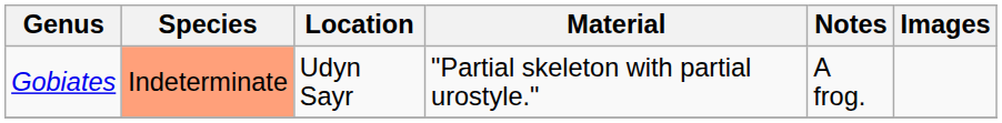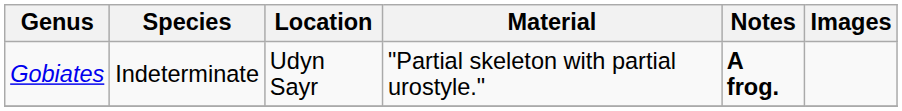 <table class="wikitable sortable">
 <tr>
 <th>Genus</th>
 <th>Species</th>
 <th>Location</th>
 <th>Material</th>
 <th>Notes</th>
 <th>Images</th>
 </tr>
 <tr>
 <td><em><a href='#'>Gobiates</a></em></td>
-<td style="background: lightsalmon;">Indeterminate</td>
+<td>Indeterminate</td>
 <td>Udyn Sayr</td>
 <td>"Partial skeleton with partial urostyle."</td>
-<td>A frog.</td>
+<td><strong>A frog.</strong></td>
 <td></td>
 </tr>
 <tr>
 </tr>
 </table>
